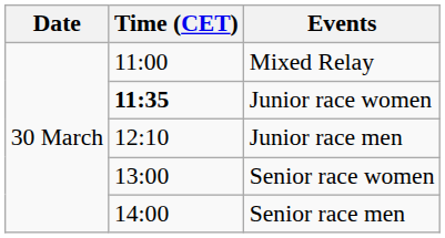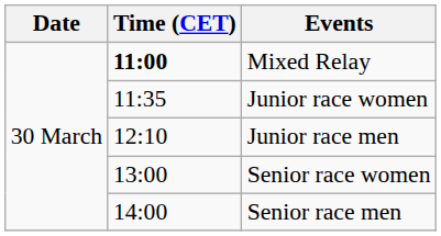 <table class="wikitable">
 <tr>
 <th>Date</th>
 <th>Time (<a href='#'>CET</a>)</th>
 <th>Events</th>
 </tr>
 <tr>
 <td rowspan=5>30 March</td>
-<td>11:00</td>
+<td><strong>11:00</strong></td>
 <td>Mixed Relay</td>
 </tr>
 <tr>
-<td><strong>11:35</strong></td>
+<td>11:35</td>
 <td>Junior race women</td>
 </tr>
 <tr>
 <td>12:10</td>
 <td>Junior race men</td>
 </tr>
 <tr>
 <td>13:00</td>
 <td>Senior race women</td>
 </tr>
 <tr>
 <td>14:00</td>
 <td>Senior race men</td>
 </tr>
 </table>
